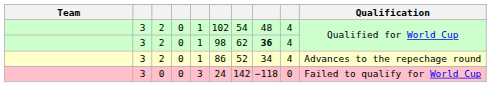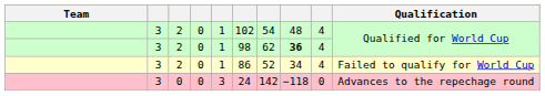 <table class="wikitable" style="text-align:center">
 <tr style="background:#bdb76b;">
 <th style="width:170px">Team</th>
 <th width="20"></th>
 <th width="20"></th>
 <th width="20"></th>
 <th width="20"></th>
 <th width="20"></th>
 <th width="20"></th>
 <th width="20"></th>
 <th width="20"></th>
 <th width="250">Qualification</th>
 </tr>
 <tr style="background:#cfc;">
 <td style="text-align:left;"></td>
 <td>3</td>
 <td>2</td>
 <td>0</td>
 <td>1</td>
 <td>102</td>
 <td>54</td>
 <td>48</td>
 <td>4</td>
 <td rowspan="2">Qualified for <a href='#'>World Cup</a></td>
 </tr>
 <tr style="background:#cfc;">
 <td style="text-align:left;"></td>
 <td>3</td>
 <td>2</td>
 <td>0</td>
 <td>1</td>
 <td>98</td>
 <td>62</td>
 <td><strong>36</strong></td>
 <td>4</td>
 </tr>
 <tr style="background:#ffc">
 <td style="text-align:left;"></td>
 <td>3</td>
 <td>2</td>
 <td>0</td>
 <td>1</td>
 <td>86</td>
 <td>52</td>
 <td>34</td>
 <td>4</td>
-<td>Advances to the repechage round</td>
+<td>Failed to qualify for <a href='#'>World Cup</a></td>
 </tr>
 <tr style="background:#FFC0CB;">
 <td style="text-align:left;"></td>
 <td>3</td>
 <td>0</td>
 <td>0</td>
 <td>3</td>
 <td>24</td>
 <td>142</td>
 <td>−118</td>
 <td>0</td>
-<td>Failed to qualify for <a href='#'>World Cup</a></td>
+<td>Advances to the repechage round</td>
 </tr>
 </table>
